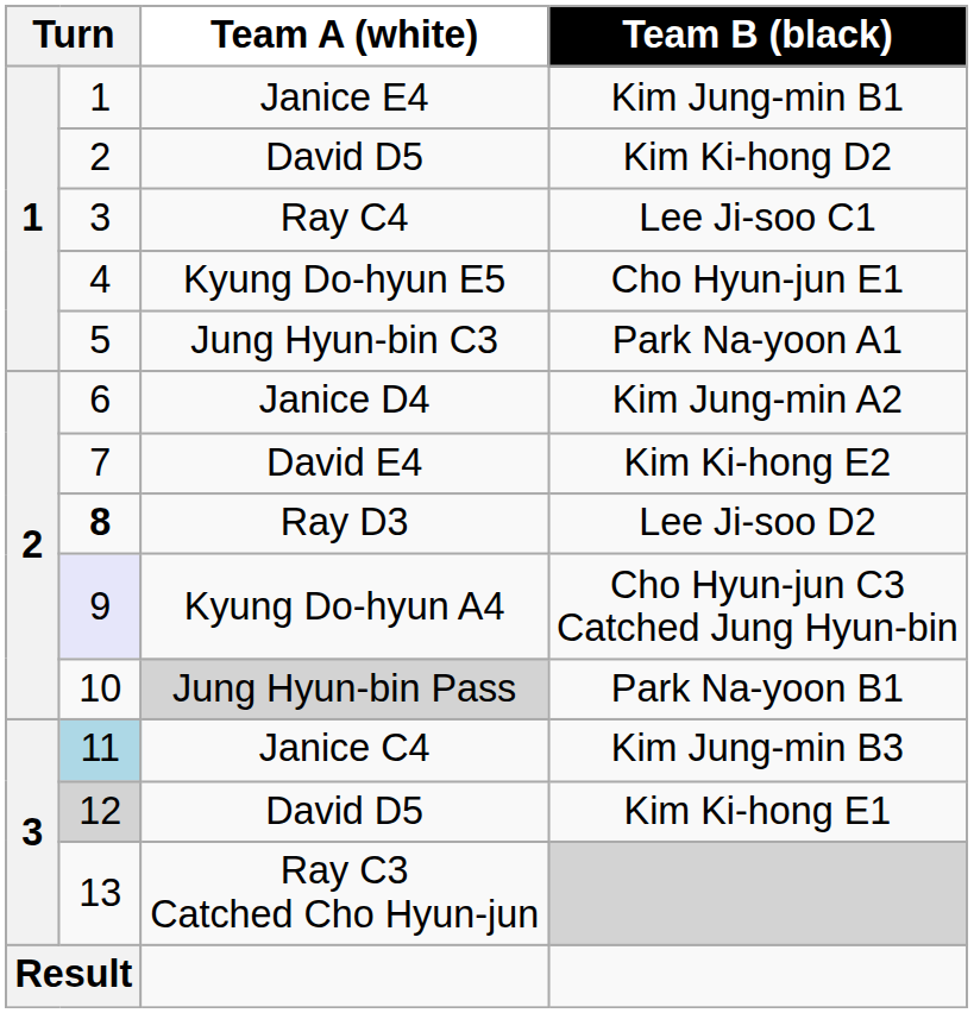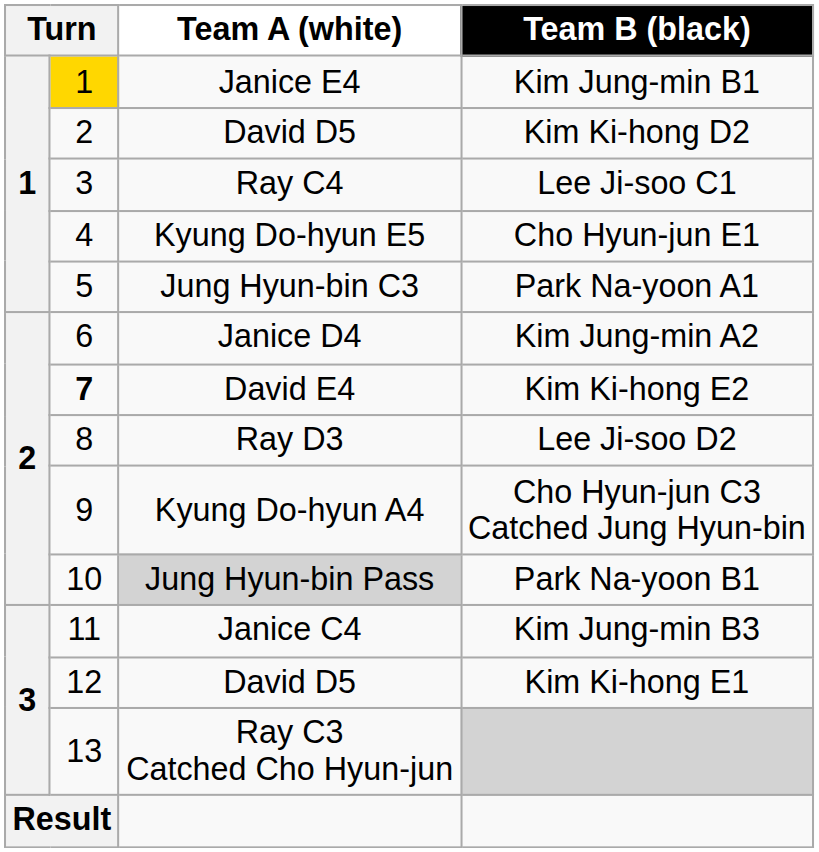 <table class="wikitable" style="text-align:center">
 <tr>
 <th scope="col" colspan="2">Turn</th>
 <th scope="col" style="background-color:white">Team A (white)</th>
 <th scope="col" style="background-color:black; color:white">Team B (black)</th>
 </tr>
 <tr>
 <th scope="row" rowspan="5">1</th>
-<td>1</td>
+<td style="background: gold;">1</td>
 <td>Janice E4</td>
 <td>Kim Jung-min B1</td>
 </tr>
 <tr>
 <td>2</td>
 <td>David D5</td>
 <td>Kim Ki-hong D2</td>
 </tr>
 <tr>
 <td>3</td>
 <td>Ray C4</td>
 <td>Lee Ji-soo C1</td>
 </tr>
 <tr>
 <td>4</td>
 <td>Kyung Do-hyun E5</td>
 <td>Cho Hyun-jun E1</td>
 </tr>
 <tr>
 <td>5</td>
 <td>Jung Hyun-bin C3</td>
 <td>Park Na-yoon A1</td>
 </tr>
 <tr>
 <th scope="row" rowspan="5">2</th>
 <td>6</td>
 <td>Janice D4</td>
 <td>Kim Jung-min A2</td>
 </tr>
 <tr>
-<td>7</td>
+<td><strong>7</strong></td>
 <td>David E4</td>
 <td>Kim Ki-hong E2</td>
 </tr>
 <tr>
-<td><strong>8</strong></td>
+<td>8</td>
 <td>Ray D3</td>
 <td>Lee Ji-soo D2</td>
 </tr>
 <tr>
-<td style="background: lavender;">9</td>
+<td>9</td>
 <td>Kyung Do-hyun A4</td>
 <td>Cho Hyun-jun C3<br>Catched Jung Hyun-bin</td>
 </tr>
 <tr>
 <td>10</td>
 <td style="background-color:lightgrey">Jung Hyun-bin Pass</td>
 <td>Park Na-yoon B1</td>
 </tr>
 <tr>
 <th scope="row" rowspan="3">3</th>
-<td style="background: lightblue;">11</td>
+<td>11</td>
 <td>Janice C4</td>
 <td>Kim Jung-min B3</td>
 </tr>
 <tr>
-<td style="background: lightgrey;">12</td>
+<td>12</td>
 <td>David D5</td>
 <td>Kim Ki-hong E1</td>
 </tr>
 <tr>
 <td>13</td>
 <td>Ray C3<br>Catched Cho Hyun-jun</td>
 <td style="background-color:lightgrey"></td>
 </tr>
 <tr>
 <th scope="row" colspan="2">Result</th>
 <td></td>
 <td></td>
 </tr>
 </table>
